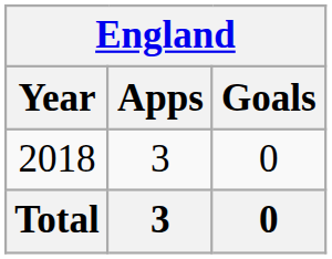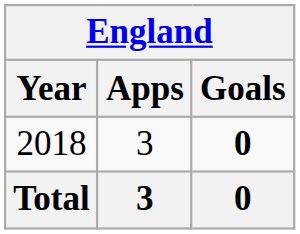 <table class="wikitable" style="text-align:center">
 <tr>
 <th colspan=3><a href='#'>England</a></th>
 </tr>
 <tr>
 <th>Year</th>
 <th>Apps</th>
 <th>Goals</th>
 </tr>
 <tr>
 <td>2018</td>
 <td>3</td>
-<td>0</td>
+<td><strong>0</strong></td>
 </tr>
 <tr>
 <th>Total</th>
 <th>3</th>
 <th>0</th>
 </tr>
 </table>
